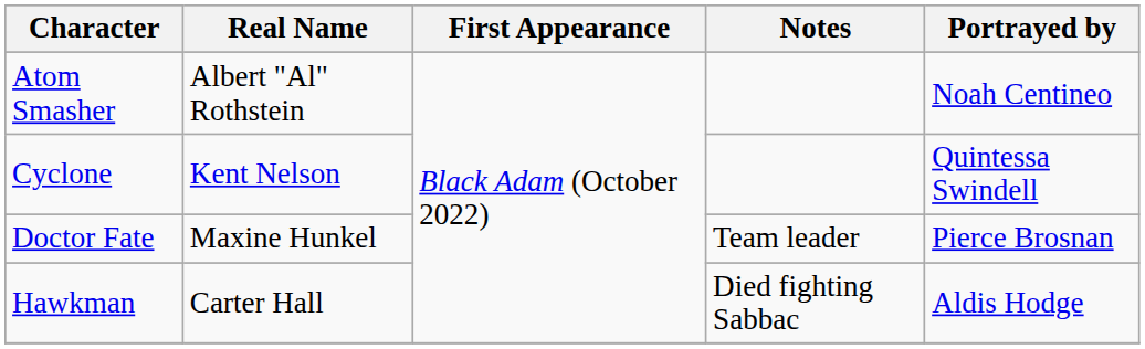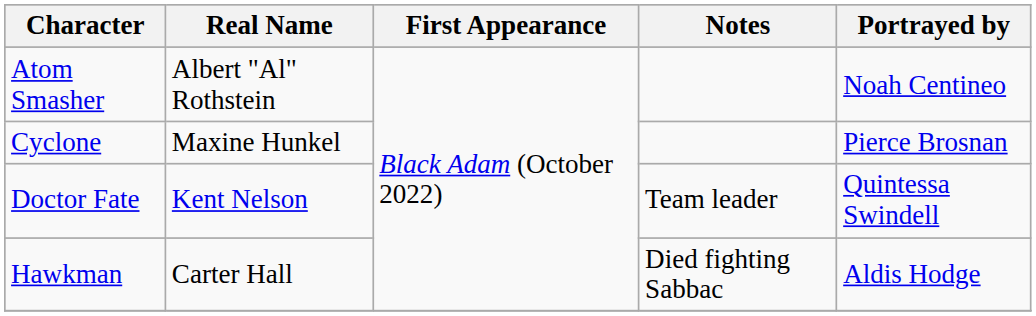 <table class="wikitable">
 <tr>
 <th>Character</th>
 <th>Real Name</th>
 <th>First Appearance</th>
 <th>Notes</th>
 <th>Portrayed by</th>
 </tr>
 <tr>
 <td><a href='#'>Atom Smasher</a></td>
 <td>Albert "Al" Rothstein</td>
 <td rowspan="4"><em><a href='#'>Black Adam</a></em> (October 2022)</td>
 <td></td>
 <td><a href='#'>Noah Centineo</a></td>
 </tr>
 <tr>
 <td><a href='#'>Cyclone</a></td>
-<td><a href='#'>Kent Nelson</a></td>
+<td>Maxine Hunkel</td>
 <td></td>
-<td><a href='#'>Quintessa Swindell</a></td>
+<td><a href='#'>Pierce Brosnan</a></td>
 </tr>
 <tr>
 <td><a href='#'>Doctor Fate</a></td>
-<td>Maxine Hunkel</td>
+<td><a href='#'>Kent Nelson</a></td>
 <td>Team leader</td>
-<td><a href='#'>Pierce Brosnan</a></td>
+<td><a href='#'>Quintessa Swindell</a></td>
 </tr>
 <tr>
 <td><a href='#'>Hawkman</a></td>
 <td>Carter Hall</td>
 <td>Died fighting Sabbac</td>
 <td><a href='#'>Aldis Hodge</a></td>
 </tr>
 <tr>
 </tr>
 </table>
